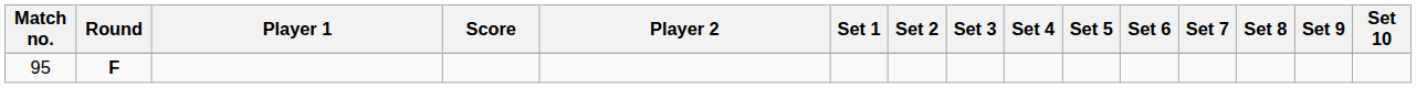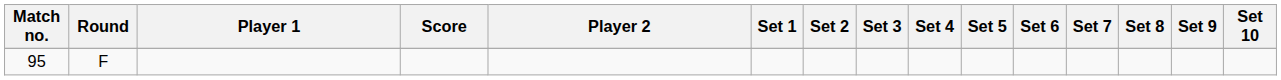 <table class="wikitable" style="text-align: center;">
 <tr>
 <th width="2%">Match no.</th>
 <th width="2%">Round</th>
 <th width="15%">Player 1</th>
 <th width="5%">Score</th>
 <th width="15%">Player 2</th>
 <th width="3%">Set 1</th>
 <th width="3%">Set 2</th>
 <th width="3%">Set 3</th>
 <th width="3%">Set 4</th>
 <th width="3%">Set 5</th>
 <th width="3%">Set 6</th>
 <th width="3%">Set 7</th>
 <th width="3%">Set 8</th>
 <th width="3%">Set 9</th>
 <th width="3%">Set 10</th>
 </tr>
 <tr>
 </tr>
 <tr style=text-align:center;>
 <td>95</td>
-<td><strong>F</strong></td>
+<td>F</td>
 <td></td>
 <td></td>
 <td></td>
 <td></td>
 <td></td>
 <td></td>
 <td></td>
 <td></td>
 <td></td>
 <td></td>
 <td></td>
 <td></td>
 <td></td>
 </tr>
 </table>
